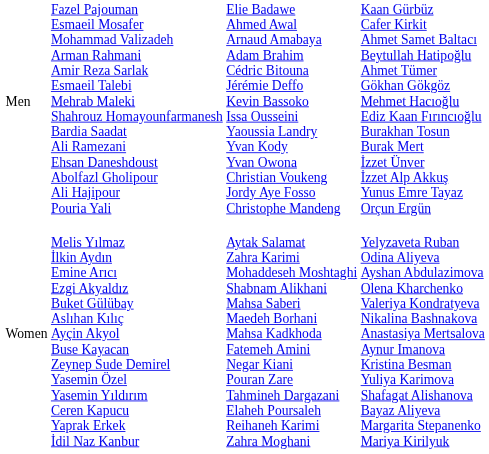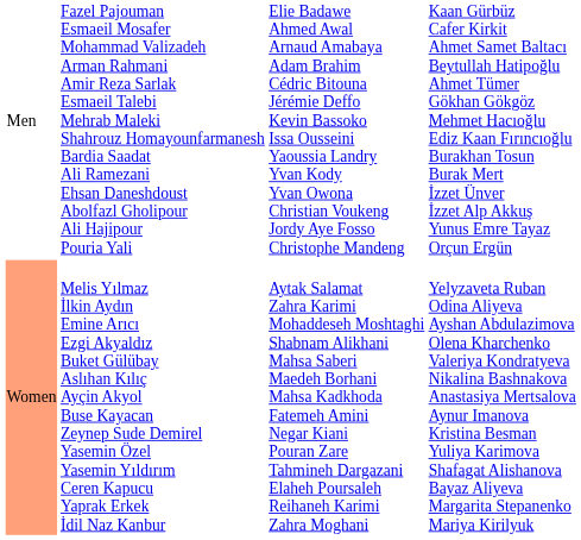 <table>
 <tr>
 <td>Men</td>
 <td><br><a href='#'>Fazel Pajouman</a><br><a href='#'>Esmaeil Mosafer</a><br><a href='#'>Mohammad Valizadeh</a><br><a href='#'>Arman Rahmani</a><br><a href='#'>Amir Reza Sarlak</a><br><a href='#'>Esmaeil Talebi</a><br><a href='#'>Mehrab Maleki</a><br><a href='#'>Shahrouz Homayounfarmanesh</a><br><a href='#'>Bardia Saadat</a><br><a href='#'>Ali Ramezani</a><br><a href='#'>Ehsan Daneshdoust</a><br><a href='#'>Abolfazl Gholipour</a><br><a href='#'>Ali Hajipour</a><br><a href='#'>Pouria Yali</a></td>
 <td><br><a href='#'>Elie Badawe</a><br><a href='#'>Ahmed Awal</a><br><a href='#'>Arnaud Amabaya</a><br><a href='#'>Adam Brahim</a><br><a href='#'>Cédric Bitouna</a><br><a href='#'>Jérémie Deffo</a><br><a href='#'>Kevin Bassoko</a><br><a href='#'>Issa Ousseini</a><br><a href='#'>Yaoussia Landry</a><br><a href='#'>Yvan Kody</a><br><a href='#'>Yvan Owona</a><br><a href='#'>Christian Voukeng</a><br><a href='#'>Jordy Aye Fosso</a><br><a href='#'>Christophe Mandeng</a></td>
 <td><br><a href='#'>Kaan Gürbüz</a><br><a href='#'>Cafer Kirkit</a><br><a href='#'>Ahmet Samet Baltacı</a><br><a href='#'>Beytullah Hatipoğlu</a><br><a href='#'>Ahmet Tümer</a><br><a href='#'>Gökhan Gökgöz</a><br><a href='#'>Mehmet Hacıoğlu</a><br><a href='#'>Ediz Kaan Fırıncıoğlu</a><br><a href='#'>Burakhan Tosun</a><br><a href='#'>Burak Mert</a><br><a href='#'>İzzet Ünver</a><br><a href='#'>İzzet Alp Akkuş</a><br><a href='#'>Yunus Emre Tayaz</a><br><a href='#'>Orçun Ergün</a></td>
 </tr>
 <tr>
-<td>Women</td>
+<td style="background: lightsalmon;">Women</td>
 <td><br><a href='#'>Melis Yılmaz</a><br><a href='#'>İlkin Aydın</a><br><a href='#'>Emine Arıcı</a><br><a href='#'>Ezgi Akyaldız</a><br><a href='#'>Buket Gülübay</a><br><a href='#'>Aslıhan Kılıç</a><br><a href='#'>Ayçin Akyol</a><br><a href='#'>Buse Kayacan</a><br><a href='#'>Zeynep Sude Demirel</a><br><a href='#'>Yasemin Özel</a><br><a href='#'>Yasemin Yıldırım</a><br><a href='#'>Ceren Kapucu</a><br><a href='#'>Yaprak Erkek</a><br><a href='#'>İdil Naz Kanbur</a></td>
 <td><br><a href='#'>Aytak Salamat</a><br><a href='#'>Zahra Karimi</a><br><a href='#'>Mohaddeseh Moshtaghi</a><br><a href='#'>Shabnam Alikhani</a><br><a href='#'>Mahsa Saberi</a><br><a href='#'>Maedeh Borhani</a><br><a href='#'>Mahsa Kadkhoda</a><br><a href='#'>Fatemeh Amini</a><br><a href='#'>Negar Kiani</a><br><a href='#'>Pouran Zare</a><br><a href='#'>Tahmineh Dargazani</a><br><a href='#'>Elaheh Poursaleh</a><br><a href='#'>Reihaneh Karimi</a><br><a href='#'>Zahra Moghani</a></td>
 <td><br><a href='#'>Yelyzaveta Ruban</a><br><a href='#'>Odina Aliyeva</a><br><a href='#'>Ayshan Abdulazimova</a><br><a href='#'>Olena Kharchenko</a><br><a href='#'>Valeriya Kondratyeva</a><br><a href='#'>Nikalina Bashnakova</a><br><a href='#'>Anastasiya Mertsalova</a><br><a href='#'>Aynur Imanova</a><br><a href='#'>Kristina Besman</a><br><a href='#'>Yuliya Karimova</a><br><a href='#'>Shafagat Alishanova</a><br><a href='#'>Bayaz Aliyeva</a><br><a href='#'>Margarita Stepanenko</a><br><a href='#'>Mariya Kirilyuk</a></td>
 </tr>
 </table>
